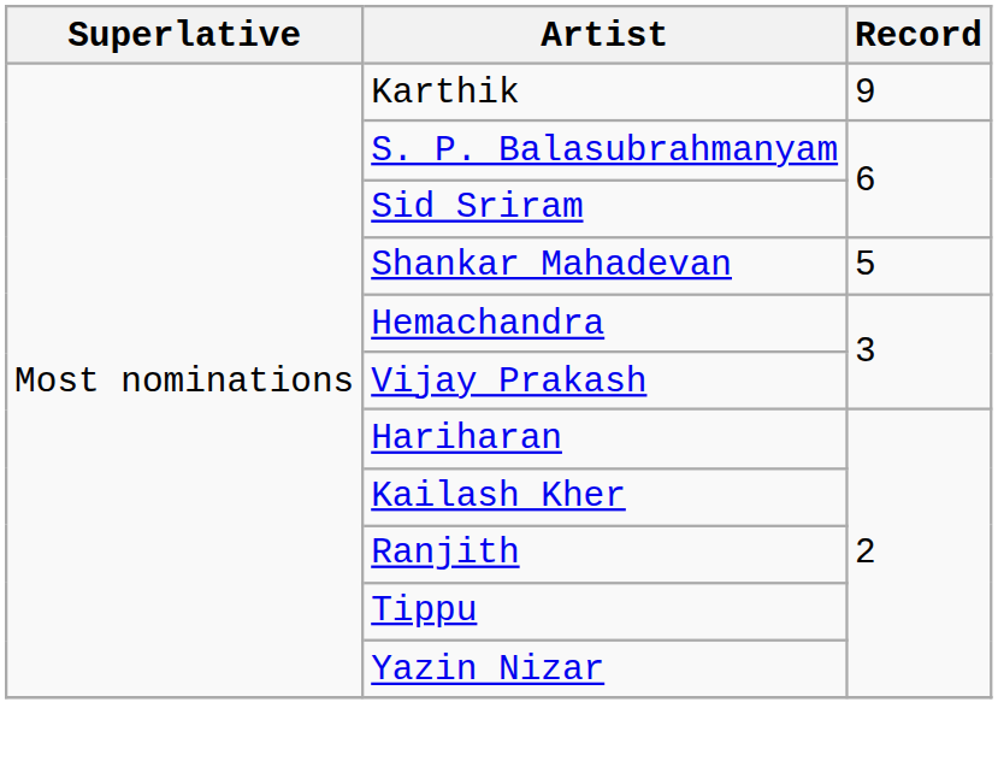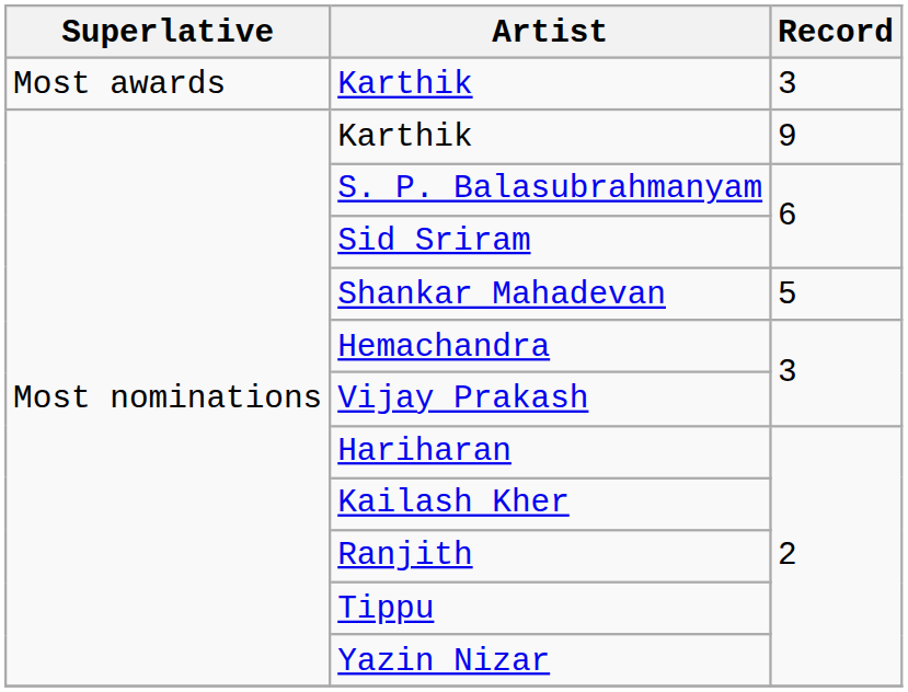 <table class="wikitable">
 <tr>
 <th>Superlative</th>
 <th>Artist</th>
 <th>Record</th>
+</tr>
+<tr>
+<td rowspan="1">Most awards</td>
+<td><a href='#'>Karthik</a></td>
+<td>3</td>
 </tr>
 <tr>
 <td rowspan="11">Most nominations</td>
 <td>Karthik</td>
 <td>9</td>
 </tr>
 <tr>
 <td><a href='#'>S. P. Balasubrahmanyam</a></td>
 <td rowspan="2">6</td>
 </tr>
 <tr>
 <td><a href='#'>Sid Sriram</a></td>
 </tr>
 <tr>
 <td><a href='#'>Shankar Mahadevan</a></td>
 <td>5</td>
 </tr>
 <tr>
 <td><a href='#'>Hemachandra</a></td>
 <td rowspan="2">3</td>
 </tr>
 <tr>
 <td><a href='#'>Vijay Prakash</a></td>
 </tr>
 <tr>
 <td><a href='#'>Hariharan</a></td>
 <td rowspan="5">2</td>
 </tr>
 <tr>
 <td><a href='#'>Kailash Kher</a></td>
 </tr>
 <tr>
 <td><a href='#'>Ranjith</a></td>
 </tr>
 <tr>
 <td><a href='#'>Tippu</a></td>
 </tr>
 <tr>
 <td><a href='#'>Yazin Nizar</a></td>
 </tr>
 <tr>
 </tr>
 </table>
